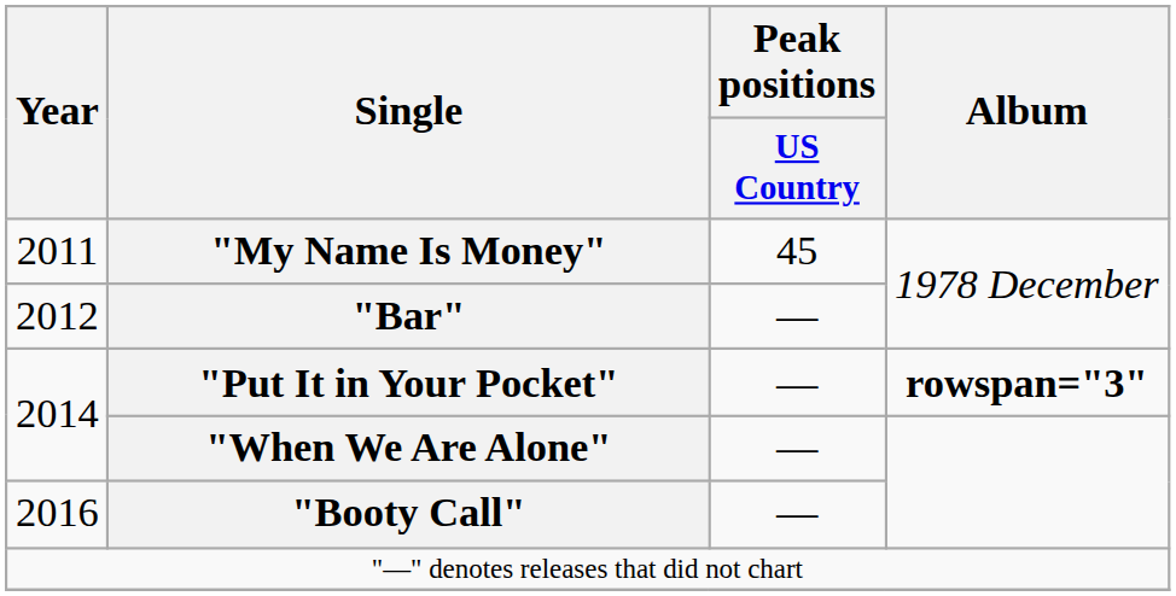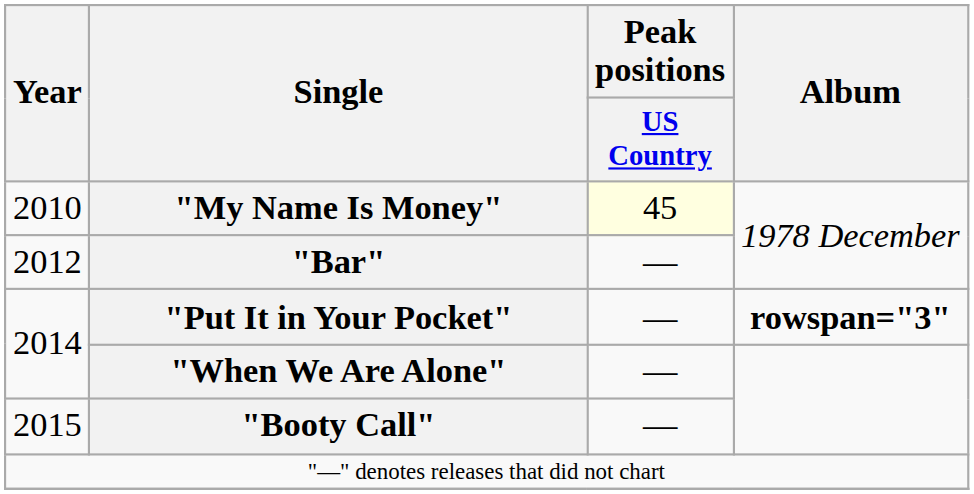 <table class="wikitable plainrowheaders" style="text-align:center;">
 <tr>
 <th rowspan="2">Year</th>
 <th rowspan="2" style="width:14em;">Single</th>
 <th>Peak positions</th>
 <th rowspan="2">Album</th>
 </tr>
 <tr style="font-size:smaller;">
 <th width="60"><a href='#'>US Country</a></th>
 </tr>
 <tr>
-<td>2011</td>
+<td>2010</td>
 <th scope="row">"My Name Is Money"</th>
-<td>45</td>
+<td style="background: lightyellow;">45</td>
 <td align="left" rowspan="2"><em>1978 December</em></td>
 </tr>
 <tr>
 <td>2012</td>
 <th scope="row">"Bar"</th>
 <td>—</td>
 </tr>
 <tr>
 <td rowspan="2">2014</td>
 <th scope="row">"Put It in Your Pocket"</th>
 <td>—</td>
 <td><strong>rowspan="3" </strong></td>
 </tr>
 <tr>
 <th scope="row">"When We Are Alone"</th>
 <td>—</td>
 </tr>
 <tr>
-<td>2016</td>
+<td>2015</td>
 <th scope="row">"Booty Call"</th>
 <td>—</td>
 </tr>
 <tr>
 <td colspan="4" style="font-size:8pt">"—" denotes releases that did not chart</td>
 </tr>
 <tr>
 </tr>
 </table>
